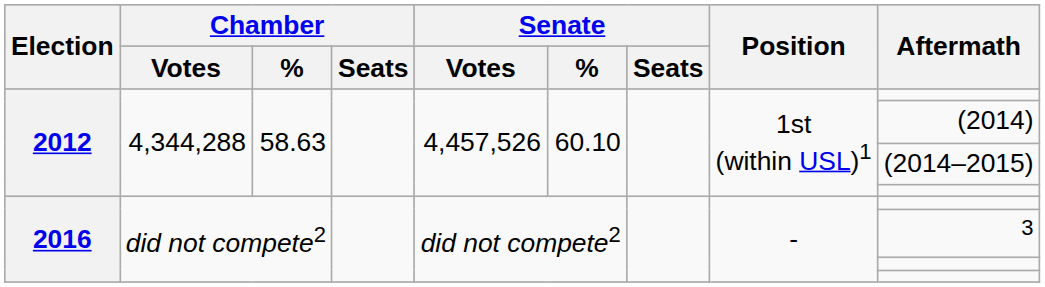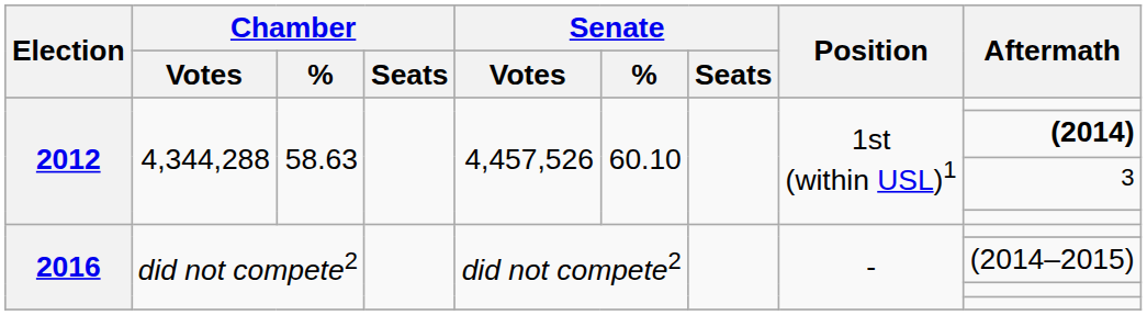 <table class="wikitable" style="text-align: right;">
 <tr>
 <th rowspan="2">Election</th>
 <th colspan="3"><a href='#'>Chamber</a></th>
 <th colspan="3"><a href='#'>Senate</a></th>
 <th rowspan="2">Position</th>
 <th rowspan="2">Aftermath</th>
 </tr>
 <tr>
 <th>Votes</th>
 <th>%</th>
 <th>Seats</th>
 <th>Votes</th>
 <th>%</th>
 <th>Seats</th>
 </tr>
 <tr>
 <th rowspan=4><a href='#'>2012</a></th>
 <td rowspan=4>4,344,288</td>
 <td rowspan=4>58.63</td>
 <td rowspan=4></td>
 <td rowspan=4>4,457,526</td>
 <td rowspan=4>60.10</td>
 <td rowspan=4></td>
 <td rowspan=4; style="text-align: center;">1st<br>(within <a href='#'>USL</a>)<sup>1</sup></td>
 <td></td>
 </tr>
 <tr>
-<td> (2014)</td>
+<td><strong> (2014)</strong></td>
 </tr>
 <tr>
-<td> (2014–2015)</td>
+<td><sup>3</sup></td>
 </tr>
 <tr>
 <td></td>
 </tr>
 <tr>
 <th rowspan=4><a href='#'>2016</a></th>
 <td rowspan=4; colspan=2; style="text-align: center;"><em>did not compete</em><sup>2</sup></td>
 <td rowspan=4></td>
 <td rowspan=4; colspan=2; style="text-align: center;"><em>did not compete</em><sup>2</sup></td>
 <td rowspan=4></td>
 <td rowspan=4; style="text-align: center;">-</td>
 <td></td>
 </tr>
 <tr>
-<td><sup>3</sup></td>
+<td> (2014–2015)</td>
 </tr>
 <tr>
 <td></td>
 </tr>
 <tr>
 <td></td>
 </tr>
 </table>
